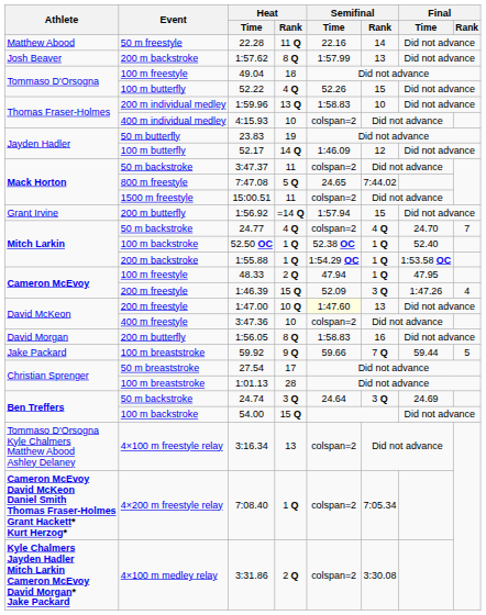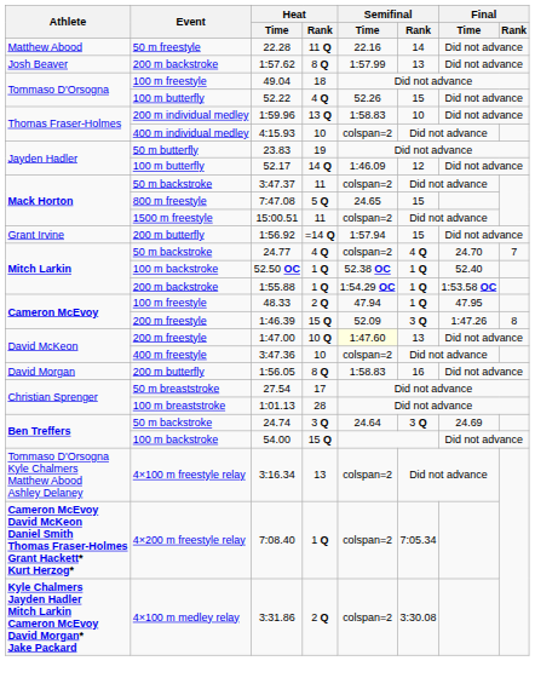 <table class=wikitable style="font-size:90%">
 <tr>
 <th rowspan="2">Athlete</th>
 <th rowspan="2">Event</th>
 <th colspan="2">Heat</th>
 <th colspan="2">Semifinal</th>
 <th colspan="2">Final</th>
 </tr>
 <tr style="font-size:95%">
 <th>Time</th>
 <th>Rank</th>
 <th>Time</th>
 <th>Rank</th>
 <th>Time</th>
 <th>Rank</th>
 </tr>
 <tr align=center>
 <td align=left><a href='#'>Matthew Abood</a></td>
 <td align=left><a href='#'>50 m freestyle</a></td>
 <td>22.28</td>
 <td>11 <strong>Q</strong></td>
 <td>22.16</td>
 <td>14</td>
 <td colspan=2>Did not advance</td>
 </tr>
 <tr align=center>
 <td align=left><a href='#'>Josh Beaver</a></td>
 <td align=left><a href='#'>200 m backstroke</a></td>
 <td>1:57.62</td>
 <td>8 <strong>Q</strong></td>
 <td>1:57.99</td>
 <td>13</td>
 <td colspan=2>Did not advance</td>
 </tr>
 <tr align=center>
 <td align=left rowspan=2><a href='#'>Tommaso D'Orsogna</a></td>
 <td align=left><a href='#'>100 m freestyle</a></td>
 <td>49.04</td>
 <td>18</td>
 <td colspan=4>Did not advance</td>
 </tr>
 <tr align=center>
 <td align=left><a href='#'>100 m butterfly</a></td>
 <td>52.22</td>
 <td>4 <strong>Q</strong></td>
 <td>52.26</td>
 <td>15</td>
 <td colspan=2>Did not advance</td>
 </tr>
 <tr align=center>
 <td align=left rowspan=2><a href='#'>Thomas Fraser-Holmes</a></td>
 <td align=left><a href='#'>200 m individual medley</a></td>
 <td>1:59.96</td>
 <td>13 <strong>Q</strong></td>
 <td>1:58.83</td>
 <td>10</td>
 <td colspan=2>Did not advance</td>
 </tr>
 <tr align=center>
 <td align=left><a href='#'>400 m individual medley</a></td>
 <td>4:15.93</td>
 <td>10</td>
 <td>colspan=2 </td>
 <td colspan=2>Did not advance</td>
 </tr>
 <tr align=center>
 <td align=left rowspan=2><a href='#'>Jayden Hadler</a></td>
 <td align=left><a href='#'>50 m butterfly</a></td>
 <td>23.83</td>
 <td>19</td>
 <td colspan=4>Did not advance</td>
 </tr>
 <tr align=center>
 <td align=left><a href='#'>100 m butterfly</a></td>
 <td>52.17</td>
 <td>14 <strong>Q</strong></td>
 <td>1:46.09</td>
 <td>12</td>
 <td colspan=2>Did not advance</td>
 </tr>
 <tr align=center>
 <td align=left rowspan=3><strong><a href='#'>Mack Horton</a></strong></td>
 <td align=left><a href='#'>50 m backstroke</a></td>
 <td>3:47.37</td>
 <td>11</td>
 <td>colspan=2 </td>
 <td colspan=2>Did not advance</td>
 </tr>
 <tr align=center>
 <td align=left><a href='#'>800 m freestyle</a></td>
 <td>7:47.08</td>
 <td>5 <strong>Q</strong></td>
 <td>24.65</td>
-<td>7:44.02</td>
+<td>15</td>
 <td></td>
 </tr>
 <tr align=center>
 <td align=left><a href='#'>1500 m freestyle</a></td>
 <td>15:00.51</td>
 <td>11</td>
 <td>colspan=2 </td>
 <td colspan=2>Did not advance</td>
 </tr>
 <tr align=center>
 <td align=left><a href='#'>Grant Irvine</a></td>
 <td align=left><a href='#'>200 m butterfly</a></td>
 <td>1:56.92</td>
 <td>=14 <strong>Q</strong></td>
 <td>1:57.94</td>
 <td>15</td>
 <td colspan=2>Did not advance</td>
 </tr>
 <tr align=center>
 <td align=left rowspan=3><strong><a href='#'>Mitch Larkin</a></strong></td>
 <td align=left><a href='#'>50 m backstroke</a></td>
 <td>24.77</td>
 <td>4 <strong>Q</strong></td>
 <td>colspan=2 </td>
 <td>4 <strong>Q</strong></td>
 <td>24.70</td>
 <td>7</td>
 </tr>
 <tr align=center>
 <td align=left><a href='#'>100 m backstroke</a></td>
 <td>52.50 <strong><a href='#'>OC</a></strong></td>
 <td>1 <strong>Q</strong></td>
 <td>52.38 <strong><a href='#'>OC</a></strong></td>
 <td>1 <strong>Q</strong></td>
 <td>52.40</td>
 <td></td>
 </tr>
 <tr align=center>
 <td align=left><a href='#'>200 m backstroke</a></td>
 <td>1:55.88</td>
 <td>1 <strong>Q</strong></td>
 <td>1:54.29 <strong><a href='#'>OC</a></strong></td>
 <td>1 <strong>Q</strong></td>
 <td>1:53.58 <strong><a href='#'>OC</a></strong></td>
 <td></td>
 </tr>
 <tr align=center>
 <td align=left rowspan=2><strong><a href='#'>Cameron McEvoy</a></strong></td>
 <td align=left><a href='#'>100 m freestyle</a></td>
 <td>48.33</td>
 <td>2 <strong>Q</strong></td>
 <td>47.94</td>
 <td>1 <strong>Q</strong></td>
 <td>47.95</td>
 <td></td>
 </tr>
 <tr align=center>
 <td align=left><a href='#'>200 m freestyle</a></td>
 <td>1:46.39</td>
 <td>15 <strong>Q</strong></td>
 <td>52.09</td>
 <td>3 <strong>Q</strong></td>
 <td>1:47.26</td>
-<td>4</td>
+<td>8</td>
 </tr>
 <tr align=center>
 <td align=left rowspan=2><a href='#'>David McKeon</a></td>
 <td align=left><a href='#'>200 m freestyle</a></td>
 <td>1:47.00</td>
 <td>10 <strong>Q</strong></td>
 <td style="background: lightyellow;">1:47.60</td>
 <td>13</td>
 <td colspan=2>Did not advance</td>
 </tr>
 <tr align=center>
 <td align=left><a href='#'>400 m freestyle</a></td>
 <td>3:47.36</td>
 <td>10</td>
 <td>colspan=2 </td>
 <td colspan=2>Did not advance</td>
 </tr>
 <tr align=center>
 <td align=left><a href='#'>David Morgan</a></td>
 <td align=left><a href='#'>200 m butterfly</a></td>
 <td>1:56.05</td>
 <td>8 <strong>Q</strong></td>
 <td>1:58.83</td>
 <td>16</td>
 <td colspan=2>Did not advance</td>
-</tr>
-<tr align=center>
-<td align=left><a href='#'>Jake Packard</a></td>
-<td align=left><a href='#'>100 m breaststroke</a></td>
-<td>59.92</td>
-<td>9 <strong>Q</strong></td>
-<td>59.66</td>
-<td>7 <strong>Q</strong></td>
-<td>59.44</td>
-<td>5</td>
 </tr>
 <tr align=center>
 <td align=left rowspan=2><a href='#'>Christian Sprenger</a></td>
 <td align=left><a href='#'>50 m breaststroke</a></td>
 <td>27.54</td>
 <td>17</td>
 <td colspan=4>Did not advance</td>
 </tr>
 <tr align=center>
 <td align=left><a href='#'>100 m breaststroke</a></td>
 <td>1:01.13</td>
 <td>28</td>
 <td colspan=4>Did not advance</td>
 </tr>
 <tr align=center>
 <td align=left rowspan=2><strong><a href='#'>Ben Treffers</a></strong></td>
 <td align=left><a href='#'>50 m backstroke</a></td>
 <td>24.74</td>
 <td>3 <strong>Q</strong></td>
 <td>24.64</td>
 <td>3 <strong>Q</strong></td>
 <td>24.69</td>
 <td></td>
 </tr>
 <tr align=center>
 <td align=left><a href='#'>100 m backstroke</a></td>
 <td>54.00</td>
 <td>15 <strong>Q</strong></td>
 <td colspan=2></td>
 <td colspan=2>Did not advance</td>
 </tr>
 <tr align=center>
 <td align=left><a href='#'>Tommaso D'Orsogna</a><br><a href='#'>Kyle Chalmers</a><br><a href='#'>Matthew Abood</a><br><a href='#'>Ashley Delaney</a></td>
 <td align=left><a href='#'>4×100 m freestyle relay</a></td>
 <td>3:16.34</td>
 <td>13</td>
 <td>colspan=2 </td>
 <td colspan=2>Did not advance</td>
 </tr>
 <tr align=center>
 <td align=left><strong><a href='#'>Cameron McEvoy</a><br><a href='#'>David McKeon</a><br><a href='#'>Daniel Smith</a><br><a href='#'>Thomas Fraser-Holmes</a><br><a href='#'>Grant Hackett</a>*<br><a href='#'>Kurt Herzog</a>*</strong></td>
 <td align=left><a href='#'>4×200 m freestyle relay</a></td>
 <td>7:08.40</td>
 <td>1 <strong>Q</strong></td>
 <td>colspan=2 </td>
 <td>7:05.34</td>
 <td></td>
 </tr>
 <tr align=center>
 <td align=left><strong><a href='#'>Kyle Chalmers</a><br><a href='#'>Jayden Hadler</a><br><a href='#'>Mitch Larkin</a><br><a href='#'>Cameron McEvoy</a><br><a href='#'>David Morgan</a>*<br><a href='#'>Jake Packard</a></strong></td>
 <td align=left><a href='#'>4×100 m medley relay</a></td>
 <td>3:31.86</td>
 <td>2 <strong>Q</strong></td>
 <td>colspan=2 </td>
 <td>3:30.08</td>
 <td></td>
 </tr>
 </table>
